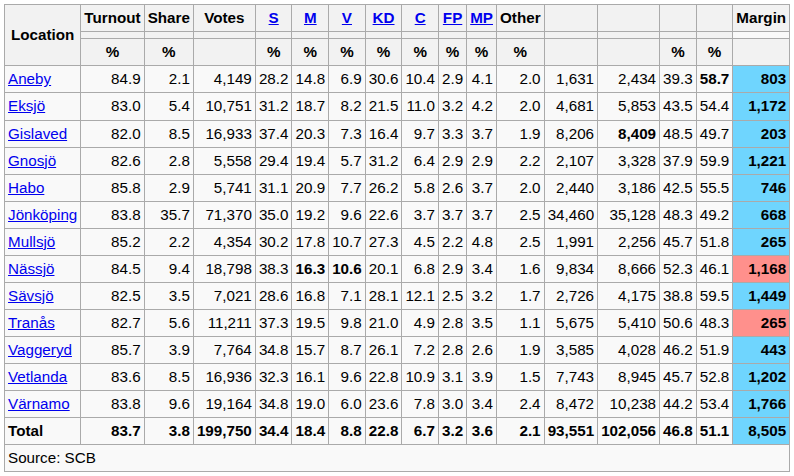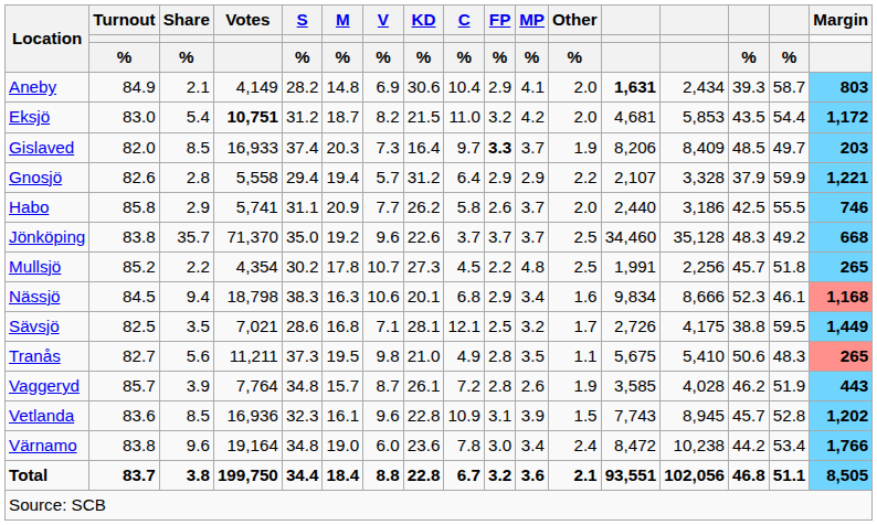 <table class="wikitable sortable" style="text-align:right; font-size:95%; line-height:20px;">
 <tr>
 <th rowspan="3">Location</th>
 <th>Turnout</th>
 <th>Share</th>
 <th>Votes</th>
 <th width="30px" class="unsortable"><a href='#'>S</a></th>
 <th width="30px" class="unsortable"><a href='#'>M</a></th>
 <th width="30px" class="unsortable"><a href='#'>V</a></th>
 <th width="30px" class="unsortable"><a href='#'>KD</a></th>
 <th width="30px" class="unsortable"><a href='#'>C</a></th>
 <th width="30px" class="unsortable"><a href='#'>FP</a></th>
 <th width="30px" class="unsortable"><a href='#'>MP</a></th>
 <th width="30px" class="unsortable">Other</th>
 <th></th>
 <th></th>
 <th></th>
 <th></th>
 <th>Margin</th>
 </tr>
 <tr>
 <th></th>
 <th></th>
 <th></th>
 <th style="background:"></th>
 <th style="background:"></th>
 <th style="background:"></th>
 <th style="background:"></th>
 <th style="background:"></th>
 <th style="background:"></th>
 <th style="background:"></th>
 <th style="background:"></th>
 <th style="background:"></th>
 <th style="background:"></th>
 <th style="background:"></th>
 <th style="background:"></th>
 </tr>
 <tr>
 <th data-sort-type="number">%</th>
 <th data-sort-type="number">%</th>
 <th></th>
 <th data-sort-type="number">%</th>
 <th data-sort-type="number">%</th>
 <th data-sort-type="number">%</th>
 <th data-sort-type="number">%</th>
 <th data-sort-type="number">%</th>
 <th data-sort-type="number">%</th>
 <th data-sort-type="number">%</th>
 <th data-sort-type="number">%</th>
 <th data-sort-type="number"></th>
 <th data-sort-type="number"></th>
 <th data-sort-type="number">%</th>
 <th data-sort-type="number">%</th>
 <th data-sort-type="number"></th>
 </tr>
 <tr>
 <td align=left><a href='#'>Aneby</a></td>
 <td>84.9</td>
 <td>2.1</td>
 <td>4,149</td>
 <td>28.2</td>
 <td>14.8</td>
 <td>6.9</td>
 <td>30.6</td>
 <td>10.4</td>
 <td>2.9</td>
 <td>4.1</td>
 <td>2.0</td>
-<td>1,631</td>
+<td><strong>1,631</strong></td>
 <td>2,434</td>
 <td>39.3</td>
-<td><strong>58.7</strong></td>
+<td>58.7</td>
 <td bgcolor=#6fd5fe><strong>803</strong></td>
 </tr>
 <tr>
 <td align=left><a href='#'>Eksjö</a></td>
 <td>83.0</td>
 <td>5.4</td>
-<td>10,751</td>
+<td><strong>10,751</strong></td>
 <td>31.2</td>
 <td>18.7</td>
 <td>8.2</td>
 <td>21.5</td>
 <td>11.0</td>
 <td>3.2</td>
 <td>4.2</td>
 <td>2.0</td>
 <td>4,681</td>
 <td>5,853</td>
 <td>43.5</td>
 <td>54.4</td>
 <td bgcolor=#6fd5fe><strong>1,172</strong></td>
 </tr>
 <tr>
 <td align=left><a href='#'>Gislaved</a></td>
 <td>82.0</td>
 <td>8.5</td>
 <td>16,933</td>
 <td>37.4</td>
 <td>20.3</td>
 <td>7.3</td>
 <td>16.4</td>
 <td>9.7</td>
-<td>3.3</td>
+<td><strong>3.3</strong></td>
 <td>3.7</td>
 <td>1.9</td>
 <td>8,206</td>
-<td><strong>8,409</strong></td>
+<td>8,409</td>
 <td>48.5</td>
 <td>49.7</td>
 <td bgcolor=#6fd5fe><strong>203</strong></td>
 </tr>
 <tr>
 <td align=left><a href='#'>Gnosjö</a></td>
 <td>82.6</td>
 <td>2.8</td>
 <td>5,558</td>
 <td>29.4</td>
 <td>19.4</td>
 <td>5.7</td>
 <td>31.2</td>
 <td>6.4</td>
 <td>2.9</td>
 <td>2.9</td>
 <td>2.2</td>
 <td>2,107</td>
 <td>3,328</td>
 <td>37.9</td>
 <td>59.9</td>
 <td bgcolor=#6fd5fe><strong>1,221</strong></td>
 </tr>
 <tr>
 <td align=left><a href='#'>Habo</a></td>
 <td>85.8</td>
 <td>2.9</td>
 <td>5,741</td>
 <td>31.1</td>
 <td>20.9</td>
 <td>7.7</td>
 <td>26.2</td>
 <td>5.8</td>
 <td>2.6</td>
 <td>3.7</td>
 <td>2.0</td>
 <td>2,440</td>
 <td>3,186</td>
 <td>42.5</td>
 <td>55.5</td>
 <td bgcolor=#6fd5fe><strong>746</strong></td>
 </tr>
 <tr>
 <td align=left><a href='#'>Jönköping</a></td>
 <td>83.8</td>
 <td>35.7</td>
 <td>71,370</td>
 <td>35.0</td>
 <td>19.2</td>
 <td>9.6</td>
 <td>22.6</td>
 <td>3.7</td>
 <td>3.7</td>
 <td>3.7</td>
 <td>2.5</td>
 <td>34,460</td>
 <td>35,128</td>
 <td>48.3</td>
 <td>49.2</td>
 <td bgcolor=#6fd5fe><strong>668</strong></td>
 </tr>
 <tr>
 <td align=left><a href='#'>Mullsjö</a></td>
 <td>85.2</td>
 <td>2.2</td>
 <td>4,354</td>
 <td>30.2</td>
 <td>17.8</td>
 <td>10.7</td>
 <td>27.3</td>
 <td>4.5</td>
 <td>2.2</td>
 <td>4.8</td>
 <td>2.5</td>
 <td>1,991</td>
 <td>2,256</td>
 <td>45.7</td>
 <td>51.8</td>
 <td bgcolor=#6fd5fe><strong>265</strong></td>
 </tr>
 <tr>
 <td align=left><a href='#'>Nässjö</a></td>
 <td>84.5</td>
 <td>9.4</td>
 <td>18,798</td>
 <td>38.3</td>
-<td><strong>16.3</strong></td>
-<td><strong>10.6</strong></td>
+<td>16.3</td>
+<td>10.6</td>
 <td>20.1</td>
 <td>6.8</td>
 <td>2.9</td>
 <td>3.4</td>
 <td>1.6</td>
 <td>9,834</td>
 <td>8,666</td>
 <td>52.3</td>
 <td>46.1</td>
 <td bgcolor=#ff908c><strong>1,168</strong></td>
 </tr>
 <tr>
 <td align=left><a href='#'>Sävsjö</a></td>
 <td>82.5</td>
 <td>3.5</td>
 <td>7,021</td>
 <td>28.6</td>
 <td>16.8</td>
 <td>7.1</td>
 <td>28.1</td>
 <td>12.1</td>
 <td>2.5</td>
 <td>3.2</td>
 <td>1.7</td>
 <td>2,726</td>
 <td>4,175</td>
 <td>38.8</td>
 <td>59.5</td>
 <td bgcolor=#6fd5fe><strong>1,449</strong></td>
 </tr>
 <tr>
 <td align=left><a href='#'>Tranås</a></td>
 <td>82.7</td>
 <td>5.6</td>
 <td>11,211</td>
 <td>37.3</td>
 <td>19.5</td>
 <td>9.8</td>
 <td>21.0</td>
 <td>4.9</td>
 <td>2.8</td>
 <td>3.5</td>
 <td>1.1</td>
 <td>5,675</td>
 <td>5,410</td>
 <td>50.6</td>
 <td>48.3</td>
 <td bgcolor=#ff908c><strong>265</strong></td>
 </tr>
 <tr>
 <td align=left><a href='#'>Vaggeryd</a></td>
 <td>85.7</td>
 <td>3.9</td>
 <td>7,764</td>
 <td>34.8</td>
 <td>15.7</td>
 <td>8.7</td>
 <td>26.1</td>
 <td>7.2</td>
 <td>2.8</td>
 <td>2.6</td>
 <td>1.9</td>
 <td>3,585</td>
 <td>4,028</td>
 <td>46.2</td>
 <td>51.9</td>
 <td bgcolor=#6fd5fe><strong>443</strong></td>
 </tr>
 <tr>
 <td align=left><a href='#'>Vetlanda</a></td>
 <td>83.6</td>
 <td>8.5</td>
 <td>16,936</td>
 <td>32.3</td>
 <td>16.1</td>
 <td>9.6</td>
 <td>22.8</td>
 <td>10.9</td>
 <td>3.1</td>
 <td>3.9</td>
 <td>1.5</td>
 <td>7,743</td>
 <td>8,945</td>
 <td>45.7</td>
 <td>52.8</td>
 <td bgcolor=#6fd5fe><strong>1,202</strong></td>
 </tr>
 <tr>
 <td align=left><a href='#'>Värnamo</a></td>
 <td>83.8</td>
 <td>9.6</td>
 <td>19,164</td>
 <td>34.8</td>
 <td>19.0</td>
 <td>6.0</td>
 <td>23.6</td>
 <td>7.8</td>
 <td>3.0</td>
 <td>3.4</td>
 <td>2.4</td>
 <td>8,472</td>
 <td>10,238</td>
 <td>44.2</td>
 <td>53.4</td>
 <td bgcolor=#6fd5fe><strong>1,766</strong></td>
 </tr>
 <tr>
 <td align=left><strong>Total</strong></td>
 <td><strong>83.7</strong></td>
 <td><strong>3.8</strong></td>
 <td><strong>199,750</strong></td>
 <td><strong>34.4</strong></td>
 <td><strong>18.4</strong></td>
 <td><strong>8.8</strong></td>
 <td><strong>22.8</strong></td>
 <td><strong>6.7</strong></td>
 <td><strong>3.2</strong></td>
 <td><strong>3.6</strong></td>
 <td><strong>2.1</strong></td>
 <td><strong>93,551</strong></td>
 <td><strong>102,056</strong></td>
 <td><strong>46.8</strong></td>
 <td><strong>51.1</strong></td>
 <td bgcolor=#6fd5fe><strong>8,505</strong></td>
 </tr>
 <tr>
 <td align=left colspan=17>Source: SCB </td>
 </tr>
 </table>
